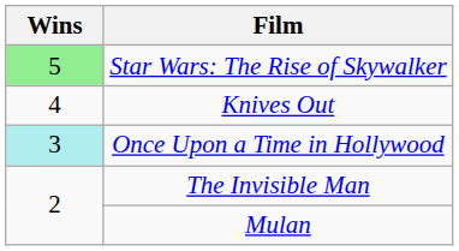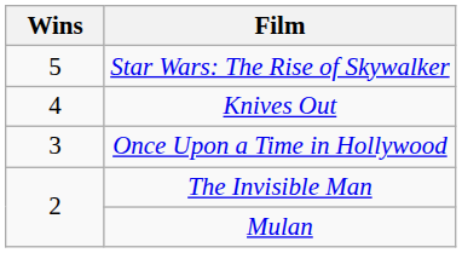 <table class="wikitable left" style="text-align: center;">
 <tr>
 <th scope="col" style="width:55px;">Wins</th>
 <th scope="col" style="text-align:center;">Film</th>
 </tr>
 <tr>
-<td scope=row style="background: lightgreen; text-align:center">5</td>
+<td scope=row style="text-align:center">5</td>
 <td><em><a href='#'>Star Wars: The Rise of Skywalker</a></em></td>
 </tr>
 <tr>
 <td scope=row style="text-align:center">4</td>
 <td><em><a href='#'>Knives Out</a></em></td>
 </tr>
 <tr>
-<td scope=row style="background: paleturquoise; text-align:center">3</td>
+<td scope=row style="text-align:center">3</td>
 <td><em><a href='#'>Once Upon a Time in Hollywood</a></em></td>
 </tr>
 <tr>
 <td rowspan=2 scope=row style="text-align:center">2</td>
 <td><em><a href='#'>The Invisible Man</a></em></td>
 </tr>
 <tr>
 <td><em><a href='#'>Mulan</a></em></td>
 </tr>
 </table>
